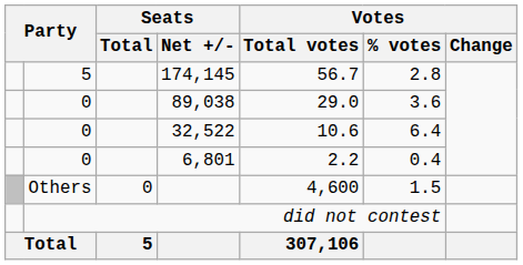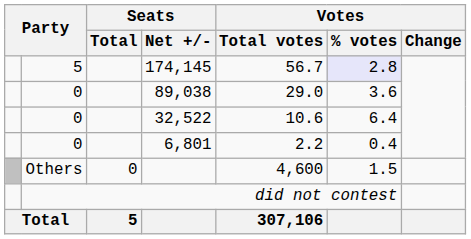 <table class="wikitable" style="text-align:right; font-size:95%;">
 <tr>
 <th colspan="2" rowspan="2">Party</th>
 <th colspan="2">Seats</th>
 <th colspan="3">Votes</th>
 </tr>
 <tr>
 <th>Total</th>
 <th>Net +/-</th>
 <th>Total votes</th>
 <th>% votes</th>
 <th>Change</th>
 </tr>
 <tr>
 <td></td>
 <td>5</td>
 <td></td>
 <td>174,145</td>
 <td>56.7</td>
-<td>2.8</td>
+<td style="background: lavender;">2.8</td>
 </tr>
 <tr>
 <td></td>
 <td>0</td>
 <td></td>
 <td>89,038</td>
 <td>29.0</td>
 <td>3.6</td>
 </tr>
 <tr>
 <td></td>
 <td>0</td>
 <td></td>
 <td>32,522</td>
 <td>10.6</td>
 <td>6.4</td>
 </tr>
 <tr>
 <td></td>
 <td>0</td>
 <td></td>
 <td>6,801</td>
 <td>2.2</td>
 <td>0.4</td>
 </tr>
 <tr>
 <td style="background:silver;"> </td>
 <td align=left>Others</td>
 <td>0</td>
 <td></td>
 <td>4,600</td>
 <td>1.5</td>
 <td></td>
 </tr>
 <tr>
 <td></td>
 <td colspan="5"><em>did not contest</em></td>
 </tr>
 <tr>
 <th colspan="2" style="background:#f2f2f2">Total</th>
 <td style="background:#f2f2f2;"><strong>5</strong></td>
 <td style="background:#f2f2f2;"></td>
 <td style="background:#f2f2f2;"><strong>307,106</strong></td>
 <td style="background:#f2f2f2;"></td>
 <td style="background:#f2f2f2;"></td>
 </tr>
 </table>
